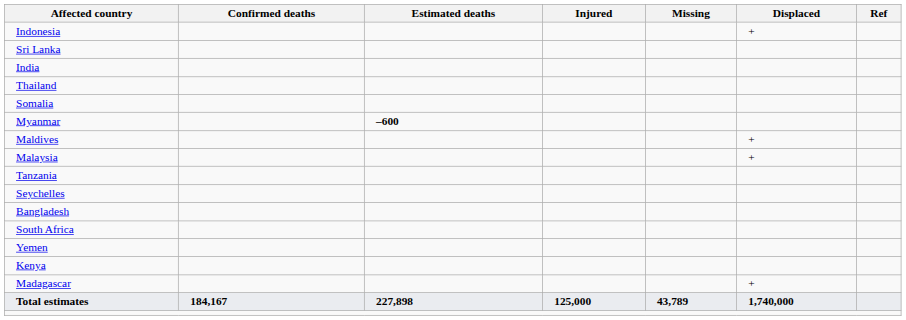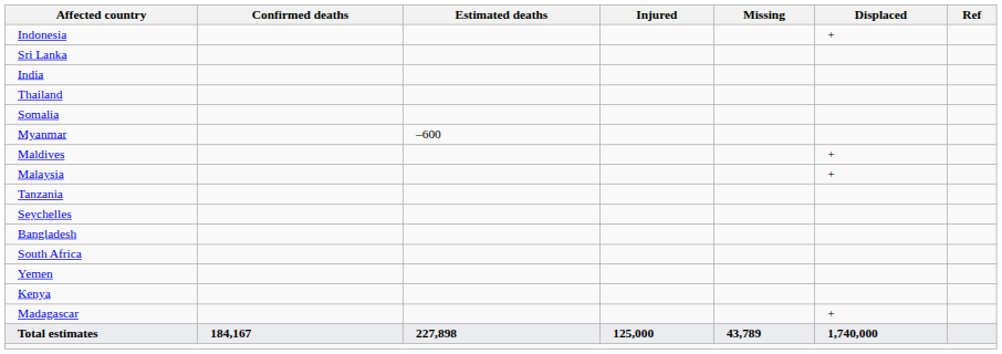 <table class="wikitable sortable plainrowheaders" width="100%" style="padding-left:2em;">
 <tr>
 <th scope=col>Affected country</th>
 <th scope=col>Confirmed deaths</th>
 <th scope=col>Estimated deaths</th>
 <th scope=col>Injured</th>
 <th scope=col>Missing</th>
 <th scope=col>Displaced</th>
 <th scope=col class=unsortable>Ref</th>
 </tr>
 <tr>
 <td style=padding-left:1em;> <a href='#'>Indonesia</a></td>
 <td style=padding-left:1em;></td>
 <td style=padding-left:1em;></td>
 <td style=padding-left:1em;></td>
 <td style=padding-left:1em;></td>
 <td style=padding-left:1em;>+</td>
 <td style=text-align:center;></td>
 </tr>
 <tr>
 <td style=padding-left:1em;> <a href='#'>Sri Lanka</a></td>
 <td style=padding-left:1em;></td>
 <td style=padding-left:1em;></td>
 <td style=padding-left:1em;></td>
 <td style=padding-left:1em;></td>
 <td style=padding-left:1em;></td>
 <td style=text-align:center;></td>
 </tr>
 <tr>
 <td style=padding-left:1em;> <a href='#'>India</a><br></td>
 <td style=padding-left:1em;></td>
 <td style=padding-left:1em;></td>
 <td style=padding-left:1em;></td>
 <td style=padding-left:1em;></td>
 <td style=padding-left:1em;></td>
 <td style=text-align:center;></td>
 </tr>
 <tr>
 <td style=padding-left:1em;> <a href='#'>Thailand</a></td>
 <td style=padding-left:1em;></td>
 <td style=padding-left:1em;></td>
 <td style=padding-left:1em;></td>
 <td style=padding-left:1em;></td>
 <td style=padding-left:1em;></td>
 <td style=text-align:center;></td>
 </tr>
 <tr>
 <td style=padding-left:1em;> <a href='#'>Somalia</a></td>
 <td style=padding-left:1em;></td>
 <td style=padding-left:1em;></td>
 <td style=padding-left:1em;></td>
 <td style=padding-left:1em;></td>
 <td style=padding-left:1em;></td>
 <td style=text-align:center;></td>
 </tr>
 <tr>
 <td style=padding-left:1em;> <a href='#'>Myanmar</a></td>
 <td style=padding-left:1em;></td>
-<td style=padding-left:1em;><strong>–600</strong></td>
+<td style=padding-left:1em;>–600</td>
 <td style=padding-left:1em;></td>
 <td style=padding-left:1em;></td>
 <td style=padding-left:1em;></td>
 <td style=text-align:center;></td>
 </tr>
 <tr>
 <td style=padding-left:1em;> <a href='#'>Maldives</a></td>
 <td style=padding-left:1em;></td>
 <td style=padding-left:1em;></td>
 <td style=padding-left:1em;></td>
 <td style=padding-left:1em;></td>
 <td style=padding-left:1em;>+</td>
 <td style=text-align:center;></td>
 </tr>
 <tr>
 <td style=padding-left:1em;> <a href='#'>Malaysia</a></td>
 <td style=padding-left:1em;></td>
 <td style=padding-left:1em;></td>
 <td style=padding-left:1em;></td>
 <td style=padding-left:1em;></td>
 <td style=padding-left:1em;>+</td>
 <td style=text-align:center;></td>
 </tr>
 <tr>
 <td style=padding-left:1em;> <a href='#'>Tanzania</a></td>
 <td style=padding-left:1em;></td>
 <td style=padding-left:1em;></td>
 <td style=padding-left:1em;></td>
 <td style=padding-left:1em;></td>
 <td style=padding-left:1em;></td>
 <td style=text-align:center;></td>
 </tr>
 <tr>
 <td style=padding-left:1em;> <a href='#'>Seychelles</a></td>
 <td style=padding-left:1em;></td>
 <td style=padding-left:1em;></td>
 <td style=padding-left:1em;></td>
 <td style=padding-left:1em;></td>
 <td style=padding-left:1em;></td>
 <td style=text-align:center;></td>
 </tr>
 <tr>
 <td style=padding-left:1em;> <a href='#'>Bangladesh</a></td>
 <td style=padding-left:1em;></td>
 <td style=padding-left:1em;></td>
 <td style=padding-left:1em;></td>
 <td style=padding-left:1em;></td>
 <td style=padding-left:1em;></td>
 <td style=text-align:center;></td>
 </tr>
 <tr>
 <td style=padding-left:1em;> <a href='#'>South Africa</a></td>
 <td style=padding-left:1em;></td>
 <td style=padding-left:1em;></td>
 <td style=padding-left:1em;></td>
 <td style=padding-left:1em;></td>
 <td style=padding-left:1em;></td>
 <td style=text-align:center;></td>
 </tr>
 <tr>
 <td style=padding-left:1em;> <a href='#'>Yemen</a></td>
 <td style=padding-left:1em;></td>
 <td style=padding-left:1em;></td>
 <td style=padding-left:1em;></td>
 <td style=padding-left:1em;></td>
 <td style=padding-left:1em;></td>
 <td style=text-align:center;></td>
 </tr>
 <tr>
 <td style=padding-left:1em;> <a href='#'>Kenya</a></td>
 <td style=padding-left:1em;></td>
 <td style=padding-left:1em;></td>
 <td style=padding-left:1em;></td>
 <td style=padding-left:1em;></td>
 <td style=padding-left:1em;></td>
 <td style=text-align:center;></td>
 </tr>
 <tr>
 <td style=padding-left:1em;> <a href='#'>Madagascar</a></td>
 <td style=padding-left:1em;></td>
 <td style=padding-left:1em;></td>
 <td style=padding-left:1em;></td>
 <td style=padding-left:1em;></td>
 <td style=padding-left:1em;>+</td>
 <td style=text-align:center;></td>
 </tr>
 <tr style=background-color:#eaecf0; class=sortbottom>
 <td style=padding-left:1em;><strong>Total estimates</strong></td>
 <td style=padding-left:1em;><strong>184,167</strong></td>
 <td style=padding-left:1em;><strong>227,898</strong></td>
 <td style=padding-left:1em;><strong>125,000</strong></td>
 <td style=padding-left:1em;><strong>43,789</strong></td>
 <td style=padding-left:1em;><strong>1,740,000</strong></td>
 <td style=text-align:center;></td>
 </tr>
 <tr style=font-size:85%; font-weight:normal; background-color:#f8f9fa; border-top:2px solid grey; class=sortbottom>
 <td colspan="7"></td>
 </tr>
 </table>
